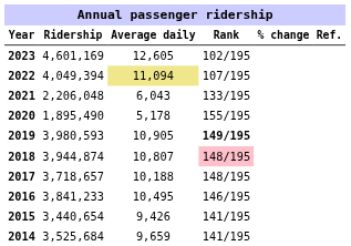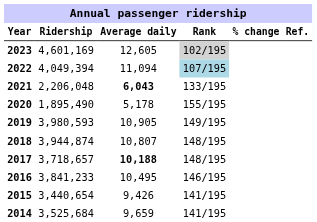 <table class="toccolours" cellpadding="4" cellspacing="0" style="text-align:right;">
 <tr>
 <th colspan="6"  style="background-color:#ccf; background-color:#ccf; font-size:110%; text-align:center;">Annual passenger ridership</th>
 </tr>
 <tr style="font-size:95%; text-align:center">
 <th style="border-bottom:1px solid black">Year</th>
 <th style="border-bottom:1px solid black">Ridership</th>
 <th style="border-bottom:1px solid black">Average daily</th>
 <th style="border-bottom:1px solid black">Rank</th>
 <th style="border-bottom:1px solid black">% change</th>
 <th style="border-bottom:1px solid black">Ref.</th>
 </tr>
 <tr style="text-align:center;">
 <td><strong>2023</strong></td>
 <td>4,601,169</td>
 <td>12,605</td>
-<td>102/195</td>
+<td style="background: lightgrey;">102/195</td>
 <td></td>
 <td></td>
 </tr>
 <tr style="text-align:center;">
 <td><strong>2022</strong></td>
 <td>4,049,394</td>
-<td style="background: khaki;">11,094</td>
-<td>107/195</td>
+<td>11,094</td>
+<td style="background: lightblue;">107/195</td>
 <td></td>
 <td></td>
 </tr>
 <tr style="text-align:center;">
 <td><strong>2021</strong></td>
 <td>2,206,048</td>
-<td>6,043</td>
+<td><strong>6,043</strong></td>
 <td>133/195</td>
 <td></td>
 <td></td>
 </tr>
 <tr style="text-align:center;">
 <td><strong>2020</strong></td>
 <td>1,895,490</td>
 <td>5,178</td>
 <td>155/195</td>
 <td></td>
 <td></td>
 </tr>
 <tr style="text-align:center;">
 <td><strong>2019</strong></td>
 <td>3,980,593</td>
 <td>10,905</td>
-<td><strong>149/195</strong></td>
+<td>149/195</td>
 <td></td>
 <td></td>
 </tr>
 <tr style="text-align:center;">
 <td><strong>2018</strong></td>
 <td>3,944,874</td>
 <td>10,807</td>
-<td style="background: pink;">148/195</td>
+<td>148/195</td>
 <td></td>
 <td></td>
 </tr>
 <tr style="text-align:center;">
 <td><strong>2017</strong></td>
 <td>3,718,657</td>
-<td>10,188</td>
+<td><strong>10,188</strong></td>
 <td>148/195</td>
 <td></td>
 <td></td>
 </tr>
 <tr style="text-align:center;">
 <td><strong>2016</strong></td>
 <td>3,841,233</td>
 <td>10,495</td>
 <td>146/195</td>
 <td></td>
 <td></td>
 </tr>
 <tr style="text-align:center;">
 <td><strong>2015</strong></td>
 <td>3,440,654</td>
 <td>9,426</td>
 <td>141/195</td>
 <td></td>
 <td></td>
 </tr>
 <tr style="text-align:center;">
 <td><strong>2014</strong></td>
 <td>3,525,684</td>
 <td>9,659</td>
 <td>141/195</td>
 <td></td>
 <td></td>
 </tr>
 </table>
